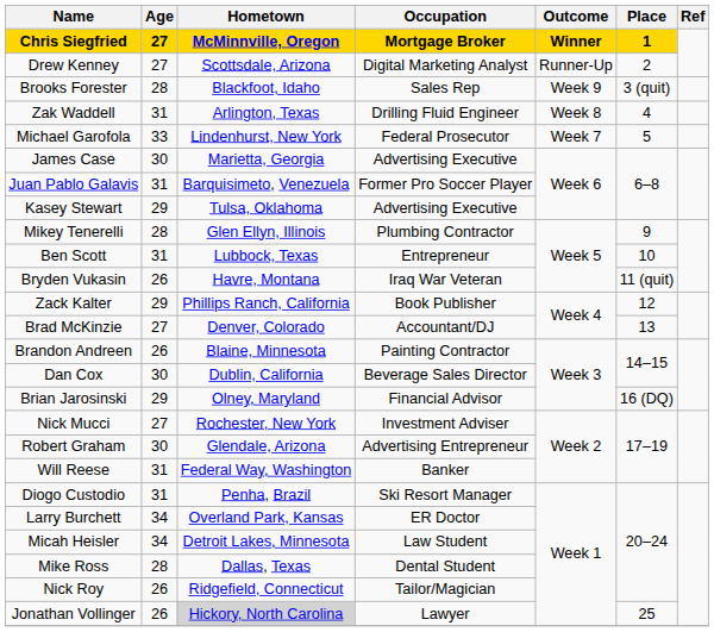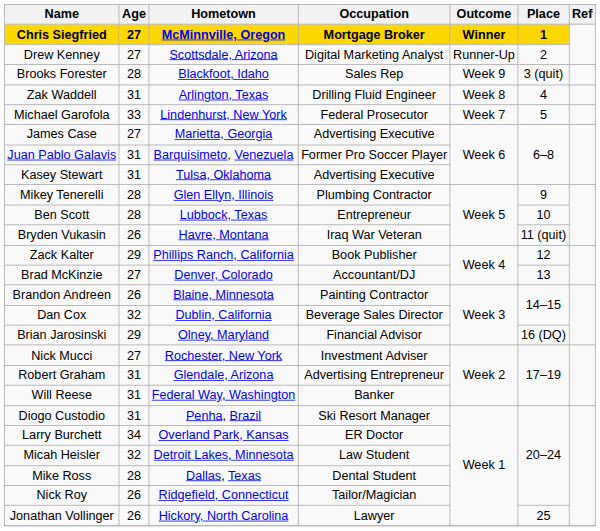 <table class="wikitable sortable" style="text-align:center;">
 <tr>
 <th>Name</th>
 <th>Age</th>
 <th>Hometown</th>
 <th>Occupation</th>
 <th>Outcome</th>
 <th>Place</th>
 <th>Ref</th>
 </tr>
 <tr>
 <td bgcolor="gold"><strong>Chris Siegfried</strong></td>
 <td bgcolor="gold"><strong>27</strong></td>
 <td bgcolor="gold"><strong><a href='#'>McMinnville, Oregon</a></strong></td>
 <td bgcolor="gold"><strong>Mortgage Broker</strong></td>
 <td bgcolor="gold"><strong>Winner</strong></td>
 <td bgcolor="gold"><strong>1</strong></td>
 <td rowspan="2"></td>
 </tr>
 <tr>
 <td>Drew Kenney</td>
 <td>27</td>
 <td><a href='#'>Scottsdale, Arizona</a></td>
 <td>Digital Marketing Analyst</td>
 <td>Runner-Up</td>
 <td>2</td>
 </tr>
 <tr>
 <td>Brooks Forester</td>
 <td>28</td>
 <td><a href='#'>Blackfoot, Idaho</a></td>
 <td>Sales Rep</td>
 <td>Week 9</td>
 <td>3 (quit)</td>
 <td></td>
 </tr>
 <tr>
 <td>Zak Waddell</td>
 <td>31</td>
 <td><a href='#'>Arlington, Texas</a></td>
 <td>Drilling Fluid Engineer</td>
 <td>Week 8</td>
 <td>4</td>
 <td></td>
 </tr>
 <tr>
 <td>Michael Garofola</td>
 <td>33</td>
 <td><a href='#'>Lindenhurst, New York</a></td>
 <td>Federal Prosecutor</td>
 <td>Week 7</td>
 <td>5</td>
 <td></td>
 </tr>
 <tr>
 <td>James Case</td>
-<td>30</td>
+<td>27</td>
 <td><a href='#'>Marietta, Georgia</a></td>
 <td>Advertising Executive</td>
 <td rowspan="3">Week 6</td>
 <td rowspan="3">6–8</td>
 <td rowspan="3"></td>
 </tr>
 <tr>
 <td><a href='#'>Juan Pablo Galavis</a></td>
 <td>31</td>
 <td><a href='#'>Barquisimeto</a>, <a href='#'>Venezuela</a></td>
 <td>Former Pro Soccer Player</td>
 </tr>
 <tr>
 <td>Kasey Stewart</td>
-<td>29</td>
+<td>31</td>
 <td><a href='#'>Tulsa, Oklahoma</a></td>
 <td>Advertising Executive</td>
 </tr>
 <tr>
 <td>Mikey Tenerelli</td>
 <td>28</td>
 <td><a href='#'>Glen Ellyn, Illinois</a></td>
 <td>Plumbing Contractor</td>
 <td rowspan="3">Week 5</td>
 <td>9</td>
 <td rowspan="3"></td>
 </tr>
 <tr>
 <td>Ben Scott</td>
-<td>31</td>
+<td>28</td>
 <td><a href='#'>Lubbock, Texas</a></td>
 <td>Entrepreneur</td>
 <td>10</td>
 </tr>
 <tr>
 <td>Bryden Vukasin</td>
 <td>26</td>
 <td><a href='#'>Havre, Montana</a></td>
 <td>Iraq War Veteran</td>
 <td>11 (quit)</td>
 </tr>
 <tr>
 <td>Zack Kalter</td>
 <td>29</td>
 <td><a href='#'>Phillips Ranch, California</a></td>
 <td>Book Publisher</td>
 <td rowspan="2">Week 4</td>
 <td>12</td>
 <td rowspan="2"></td>
 </tr>
 <tr>
 <td>Brad McKinzie</td>
 <td>27</td>
 <td><a href='#'>Denver, Colorado</a></td>
 <td>Accountant/DJ</td>
 <td>13</td>
 </tr>
 <tr>
 <td>Brandon Andreen</td>
 <td>26</td>
 <td><a href='#'>Blaine, Minnesota</a></td>
 <td>Painting Contractor</td>
 <td rowspan="3">Week 3</td>
 <td rowspan="2">14–15</td>
 <td rowspan="3"></td>
 </tr>
 <tr>
 <td>Dan Cox</td>
-<td>30</td>
+<td>32</td>
 <td><a href='#'>Dublin, California</a></td>
 <td>Beverage Sales Director</td>
 </tr>
 <tr>
 <td>Brian Jarosinski</td>
 <td>29</td>
 <td><a href='#'>Olney, Maryland</a></td>
 <td>Financial Advisor</td>
 <td>16 (DQ)</td>
 </tr>
 <tr>
 <td>Nick Mucci</td>
 <td>27</td>
 <td><a href='#'>Rochester, New York</a></td>
 <td>Investment Adviser</td>
 <td rowspan="3">Week 2</td>
 <td rowspan="3">17–19</td>
 <td rowspan="3"></td>
 </tr>
 <tr>
 <td>Robert Graham</td>
-<td>30</td>
+<td>31</td>
 <td><a href='#'>Glendale, Arizona</a></td>
 <td>Advertising Entrepreneur</td>
 </tr>
 <tr>
 <td>Will Reese</td>
 <td>31</td>
 <td><a href='#'>Federal Way, Washington</a></td>
 <td>Banker</td>
 </tr>
 <tr>
 <td>Diogo Custodio</td>
 <td>31</td>
 <td><a href='#'>Penha</a>, <a href='#'>Brazil</a></td>
 <td>Ski Resort Manager</td>
 <td rowspan="6">Week 1</td>
 <td rowspan="5">20–24</td>
 <td rowspan="6"></td>
 </tr>
 <tr>
 <td>Larry Burchett</td>
 <td>34</td>
 <td><a href='#'>Overland Park, Kansas</a></td>
 <td>ER Doctor</td>
 </tr>
 <tr>
 <td>Micah Heisler</td>
-<td>34</td>
+<td>32</td>
 <td><a href='#'>Detroit Lakes, Minnesota</a></td>
 <td>Law Student</td>
 </tr>
 <tr>
 <td>Mike Ross</td>
 <td>28</td>
 <td><a href='#'>Dallas</a>, <a href='#'>Texas</a></td>
 <td>Dental Student</td>
 </tr>
 <tr>
 <td>Nick Roy</td>
 <td>26</td>
 <td><a href='#'>Ridgefield, Connecticut</a></td>
 <td>Tailor/Magician</td>
 </tr>
 <tr>
 <td>Jonathan Vollinger</td>
 <td>26</td>
-<td style="background: lightgrey;"><a href='#'>Hickory, North Carolina</a></td>
+<td><a href='#'>Hickory, North Carolina</a></td>
 <td>Lawyer</td>
 <td>25</td>
 </tr>
 <tr>
 </tr>
 </table>
